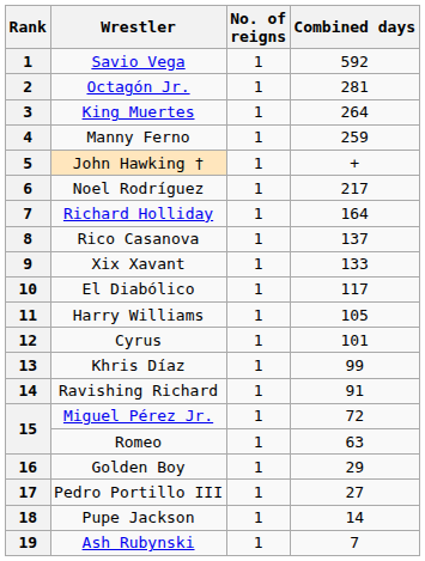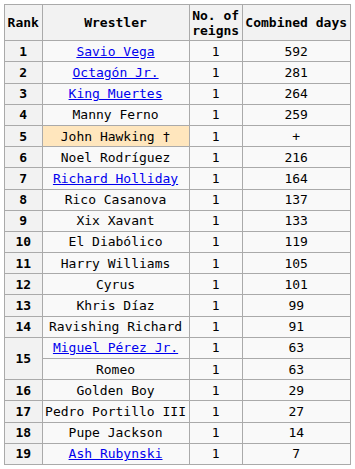 <table class="wikitable sortable" style="text-align: center">
 <tr>
 <th>Rank</th>
 <th>Wrestler</th>
 <th data-sort-type="number">No. of<br>reigns</th>
 <th data-sort-type="number">Combined days</th>
 </tr>
 <tr>
 <th>1</th>
 <td><a href='#'>Savio Vega</a></td>
 <td>1</td>
 <td>592</td>
 </tr>
 <tr>
 <th>2</th>
 <td><a href='#'>Octagón Jr.</a></td>
 <td>1</td>
 <td>281</td>
 </tr>
 <tr>
 <th>3</th>
 <td><a href='#'>King Muertes</a></td>
 <td>1</td>
 <td>264</td>
 </tr>
 <tr>
 <th>4</th>
 <td>Manny Ferno</td>
 <td>1</td>
 <td>259</td>
 </tr>
 <tr>
 <th>5</th>
 <td style="background:#ffe6bd;">John Hawking †</td>
 <td>1</td>
 <td>+</td>
 </tr>
 <tr>
 <th>6</th>
 <td>Noel Rodríguez</td>
 <td>1</td>
-<td>217</td>
+<td>216</td>
 </tr>
 <tr>
 <th>7</th>
 <td><a href='#'>Richard Holliday</a></td>
 <td>1</td>
 <td>164</td>
 </tr>
 <tr>
 <th>8</th>
 <td>Rico Casanova</td>
 <td>1</td>
 <td>137</td>
 </tr>
 <tr>
 <th>9</th>
 <td>Xix Xavant</td>
 <td>1</td>
 <td>133</td>
 </tr>
 <tr>
 <th>10</th>
 <td>El Diabólico</td>
 <td>1</td>
-<td>117</td>
+<td>119</td>
 </tr>
 <tr>
 <th>11</th>
 <td>Harry Williams</td>
 <td>1</td>
 <td>105</td>
 </tr>
 <tr>
 </tr>
 <tr>
 <th>12</th>
 <td>Cyrus</td>
 <td>1</td>
 <td>101</td>
 </tr>
 <tr>
 <th>13</th>
 <td>Khris Díaz</td>
 <td>1</td>
 <td>99</td>
 </tr>
 <tr>
 <th>14</th>
 <td>Ravishing Richard</td>
 <td>1</td>
 <td>91</td>
 </tr>
 <tr>
 <th rowspan=2>15</th>
 <td><a href='#'>Miguel Pérez Jr.</a></td>
 <td>1</td>
-<td>72</td>
+<td>63</td>
 </tr>
 <tr>
 <td>Romeo</td>
 <td>1</td>
 <td>63</td>
 </tr>
 <tr>
 <th>16</th>
 <td>Golden Boy</td>
 <td>1</td>
 <td>29</td>
 </tr>
 <tr>
 <th>17</th>
 <td>Pedro Portillo III</td>
 <td>1</td>
 <td>27</td>
 </tr>
 <tr>
 <th>18</th>
 <td>Pupe Jackson</td>
 <td>1</td>
 <td>14</td>
 </tr>
 <tr>
 <th>19</th>
 <td><a href='#'>Ash Rubynski</a></td>
 <td>1</td>
 <td>7</td>
 </tr>
 </table>
